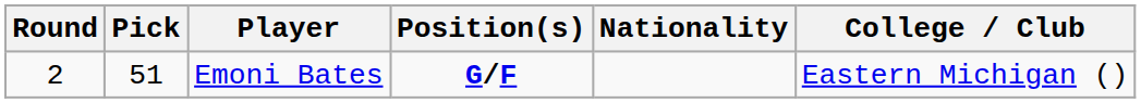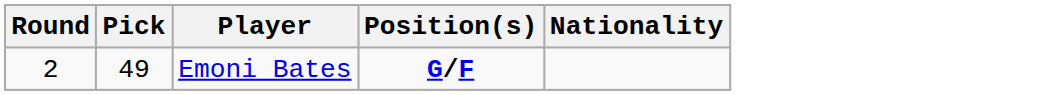 <table class="wikitable sortable sortable">
 <tr>
 <th>Round</th>
 <th>Pick</th>
 <th>Player</th>
 <th>Position(s)</th>
 <th>Nationality</th>
-<th>College / Club</th>
 </tr>
 <tr style="text-align:center">
 <td>2</td>
-<td>51</td>
+<td>49</td>
 <td><a href='#'>Emoni Bates</a></td>
 <td><strong><a href='#'>G</a>/<a href='#'>F</a></strong></td>
 <td></td>
-<td><a href='#'>Eastern Michigan</a> ()</td>
 </tr>
 </table>
